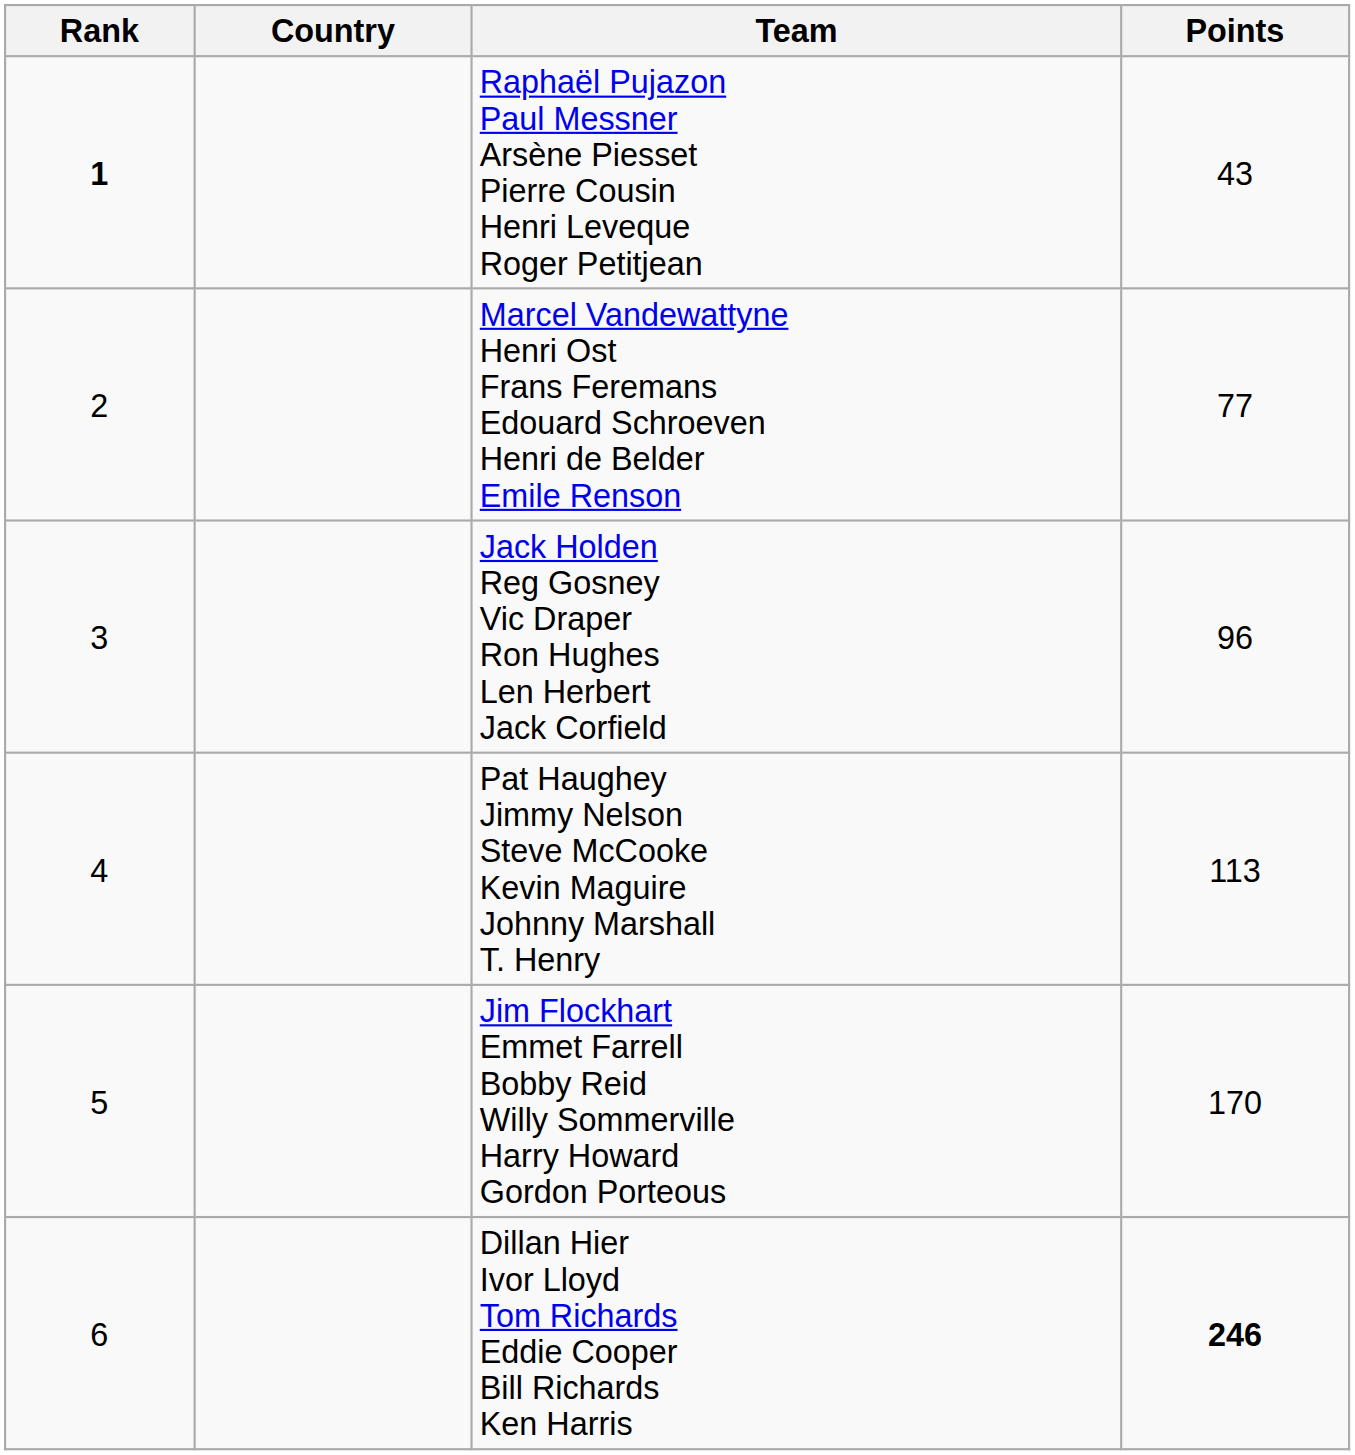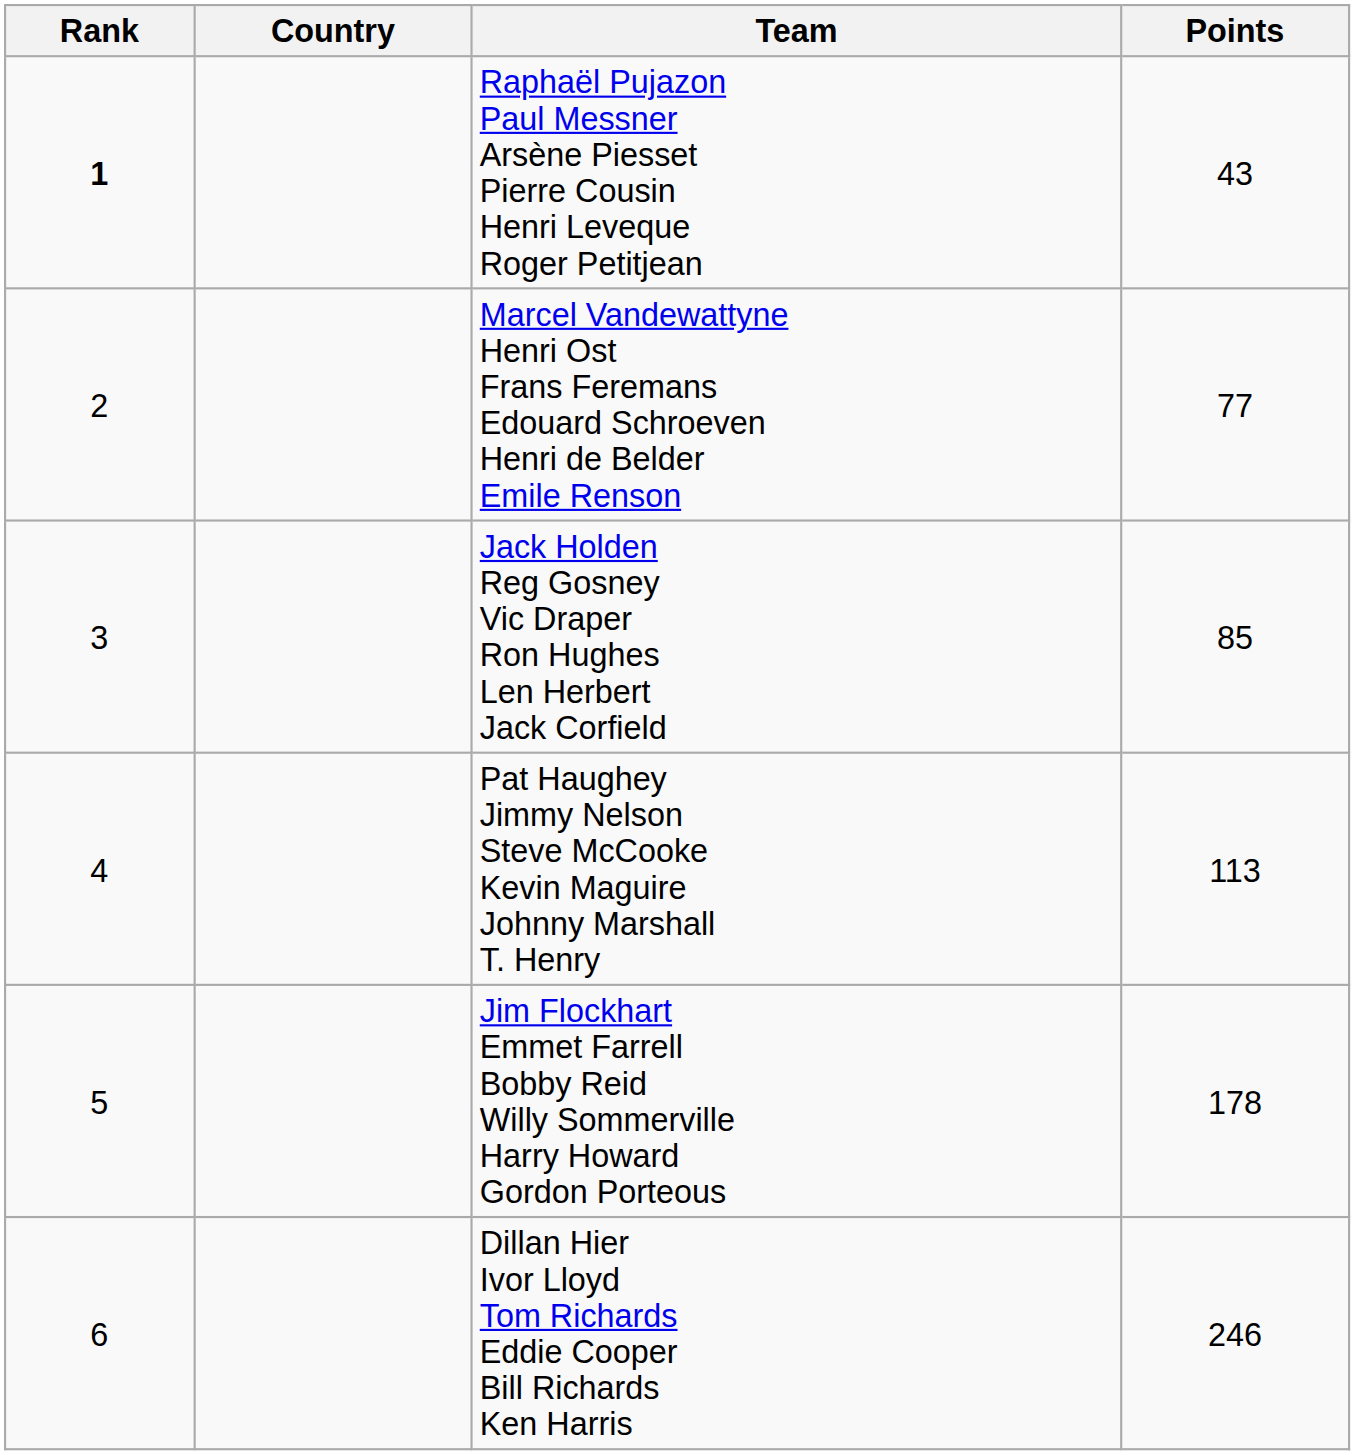 <table class="wikitable sortable" style=" text-align:center; font-size:95%;" width="50%">
 <tr>
 <th>Rank</th>
 <th>Country</th>
 <th>Team</th>
 <th>Points</th>
 </tr>
 <tr>
 <td align=center><strong>1</strong></td>
 <td align=left></td>
 <td align=left><a href='#'>Raphaël Pujazon</a><br><a href='#'>Paul Messner</a><br>Arsène Piesset<br>Pierre Cousin<br>Henri Leveque<br>Roger Petitjean</td>
 <td>43</td>
 </tr>
 <tr>
 <td align=center>2</td>
 <td align=left></td>
 <td align=left><a href='#'>Marcel Vandewattyne</a><br>Henri Ost<br>Frans Feremans<br>Edouard Schroeven<br>Henri de Belder<br><a href='#'>Emile Renson</a></td>
 <td>77</td>
 </tr>
 <tr>
 <td align=center>3</td>
 <td align=left></td>
 <td align=left><a href='#'>Jack Holden</a><br>Reg Gosney<br>Vic Draper<br>Ron Hughes<br>Len Herbert<br>Jack Corfield</td>
-<td>96</td>
+<td>85</td>
 </tr>
 <tr>
 <td align=center>4</td>
 <td align=left></td>
 <td align=left>Pat Haughey<br>Jimmy Nelson<br>Steve McCooke<br>Kevin Maguire<br>Johnny Marshall<br>T. Henry</td>
 <td>113</td>
 </tr>
 <tr>
 <td align=center>5</td>
 <td align=left></td>
 <td align=left><a href='#'>Jim Flockhart</a><br>Emmet Farrell<br>Bobby Reid<br>Willy Sommerville<br>Harry Howard<br>Gordon Porteous</td>
-<td>170</td>
+<td>178</td>
 </tr>
 <tr>
 <td align=center>6</td>
 <td align=left></td>
 <td align=left>Dillan Hier<br>Ivor Lloyd<br><a href='#'>Tom Richards</a><br>Eddie Cooper<br>Bill Richards<br>Ken Harris</td>
-<td><strong>246</strong></td>
+<td>246</td>
 </tr>
 </table>
